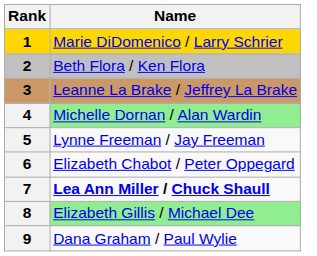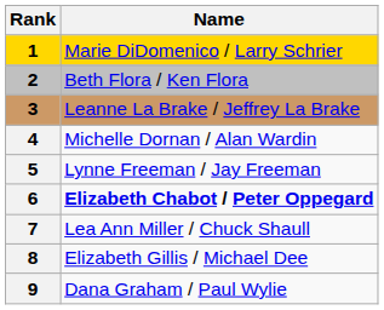 <table class="wikitable">
 <tr>
 <th>Rank</th>
 <th>Name</th>
 </tr>
 <tr bgcolor="gold">
 <td align="center"><strong>1</strong></td>
 <td><a href='#'>Marie DiDomenico</a> / <a href='#'>Larry Schrier</a></td>
 </tr>
 <tr bgcolor="silver">
 <td align="center"><strong>2</strong></td>
 <td><a href='#'>Beth Flora</a> / <a href='#'>Ken Flora</a></td>
 </tr>
 <tr bgcolor="cc9966">
 <td align="center"><strong>3</strong></td>
 <td><a href='#'>Leanne La Brake</a> / <a href='#'>Jeffrey La Brake</a></td>
 </tr>
 <tr>
 <th>4</th>
-<td style="background: lightgreen;"><a href='#'>Michelle Dornan</a> / <a href='#'>Alan Wardin</a></td>
+<td><a href='#'>Michelle Dornan</a> / <a href='#'>Alan Wardin</a></td>
 </tr>
 <tr>
 <th>5</th>
 <td><a href='#'>Lynne Freeman</a> / <a href='#'>Jay Freeman</a></td>
 </tr>
 <tr>
 <th>6</th>
-<td><a href='#'>Elizabeth Chabot</a> / <a href='#'>Peter Oppegard</a></td>
+<td><strong><a href='#'>Elizabeth Chabot</a> / <a href='#'>Peter Oppegard</a></strong></td>
 </tr>
 <tr>
 <th>7</th>
-<td><strong><a href='#'>Lea Ann Miller</a> / <a href='#'>Chuck Shaull</a></strong></td>
+<td><a href='#'>Lea Ann Miller</a> / <a href='#'>Chuck Shaull</a></td>
 </tr>
 <tr>
 <th>8</th>
-<td style="background: lightgreen;"><a href='#'>Elizabeth Gillis</a> / <a href='#'>Michael Dee</a></td>
+<td><a href='#'>Elizabeth Gillis</a> / <a href='#'>Michael Dee</a></td>
 </tr>
 <tr>
 <th>9</th>
 <td><a href='#'>Dana Graham</a> / <a href='#'>Paul Wylie</a></td>
 </tr>
 </table>
